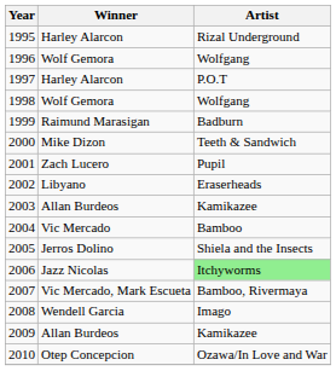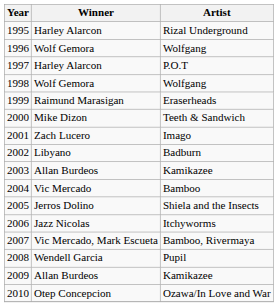 <table class="wikitable">
 <tr>
 <th>Year</th>
 <th>Winner</th>
 <th>Artist</th>
 </tr>
 <tr>
 <td>1995</td>
 <td>Harley Alarcon</td>
 <td>Rizal Underground</td>
 </tr>
 <tr>
 <td>1996</td>
 <td>Wolf Gemora</td>
 <td>Wolfgang</td>
 </tr>
 <tr>
 <td>1997</td>
 <td>Harley Alarcon</td>
 <td>P.O.T</td>
 </tr>
 <tr>
 <td>1998</td>
 <td>Wolf Gemora</td>
 <td>Wolfgang</td>
 </tr>
 <tr>
 <td>1999</td>
 <td>Raimund Marasigan</td>
-<td>Badburn</td>
+<td>Eraserheads</td>
 </tr>
 <tr>
 <td>2000</td>
 <td>Mike Dizon</td>
 <td>Teeth & Sandwich</td>
 </tr>
 <tr>
 <td>2001</td>
 <td>Zach Lucero</td>
-<td>Pupil</td>
+<td>Imago</td>
 </tr>
 <tr>
 <td>2002</td>
 <td>Libyano</td>
-<td>Eraserheads</td>
+<td>Badburn</td>
 </tr>
 <tr>
 <td>2003</td>
 <td>Allan Burdeos</td>
 <td>Kamikazee</td>
 </tr>
 <tr>
 <td>2004</td>
 <td>Vic Mercado</td>
 <td>Bamboo</td>
 </tr>
 <tr>
 <td>2005</td>
 <td>Jerros Dolino</td>
 <td>Shiela and the Insects</td>
 </tr>
 <tr>
 <td>2006</td>
 <td>Jazz Nicolas</td>
-<td style="background: lightgreen;">Itchyworms</td>
+<td>Itchyworms</td>
 </tr>
 <tr>
 <td>2007</td>
 <td>Vic Mercado, Mark Escueta</td>
 <td>Bamboo, Rivermaya</td>
 </tr>
 <tr>
 <td>2008</td>
 <td>Wendell Garcia</td>
-<td>Imago</td>
+<td>Pupil</td>
 </tr>
 <tr>
 <td>2009</td>
 <td>Allan Burdeos</td>
 <td>Kamikazee</td>
 </tr>
 <tr>
 <td>2010</td>
 <td>Otep Concepcion</td>
 <td>Ozawa/In Love and War</td>
 </tr>
 <tr>
 </tr>
 </table>
